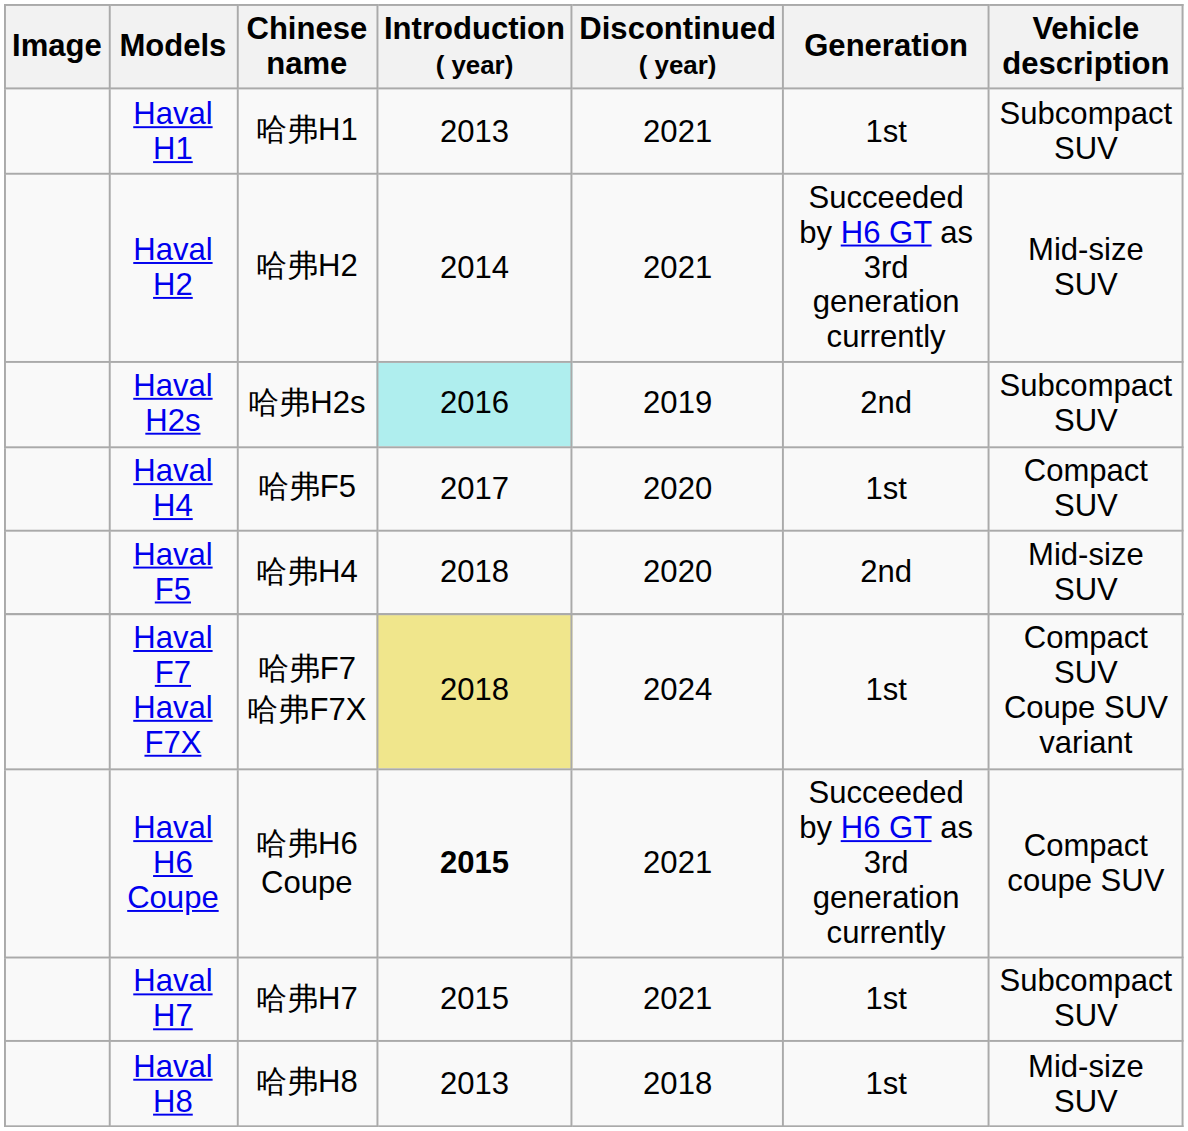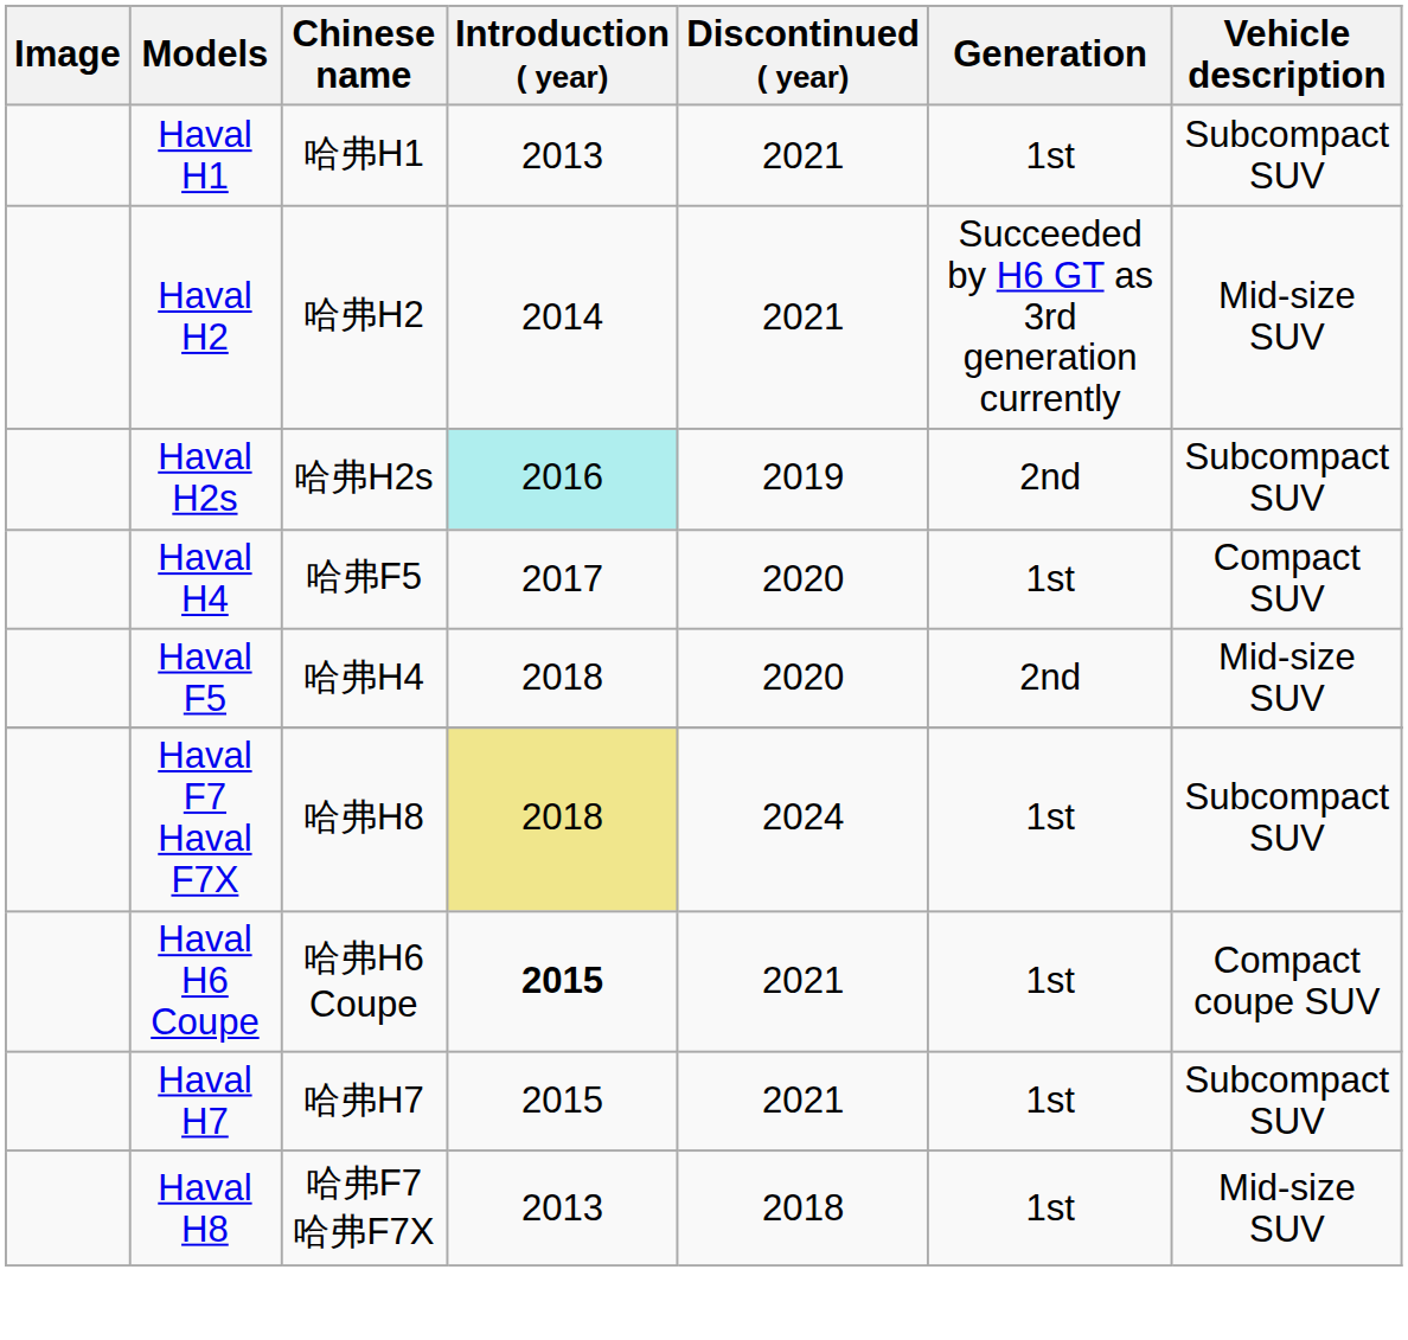 <table class="wikitable sortable" style="text-align: center;">
 <tr>
 <th class="unsortable">Image</th>
 <th>Models</th>
 <th>Chinese name</th>
 <th>Introduction<br><small>( year)</small></th>
 <th width="9%">Discontinued<br><small>( year)</small></th>
 <th>Generation</th>
 <th>Vehicle description</th>
 </tr>
 <tr>
 <td></td>
 <td><a href='#'>Haval H1</a></td>
 <td>哈弗H1</td>
 <td>2013</td>
 <td>2021</td>
 <td>1st</td>
 <td>Subcompact SUV</td>
 </tr>
 <tr>
 <td></td>
 <td><a href='#'>Haval H2</a></td>
 <td>哈弗H2</td>
 <td>2014</td>
 <td>2021</td>
 <td>Succeeded by <a href='#'>H6 GT</a> as 3rd generation currently</td>
 <td>Mid-size SUV</td>
 </tr>
 <tr>
 <td></td>
 <td><a href='#'>Haval H2s</a></td>
 <td>哈弗H2s</td>
 <td style="background: paleturquoise;">2016</td>
 <td>2019</td>
 <td>2nd</td>
 <td>Subcompact SUV</td>
 </tr>
 <tr>
 <td></td>
 <td><a href='#'>Haval H4</a></td>
 <td>哈弗F5</td>
 <td>2017</td>
 <td>2020</td>
 <td>1st</td>
 <td>Compact SUV</td>
 </tr>
 <tr>
 <td></td>
 <td><a href='#'>Haval F5</a></td>
 <td>哈弗H4</td>
 <td>2018</td>
 <td>2020</td>
 <td>2nd</td>
 <td>Mid-size SUV</td>
 </tr>
 <tr>
 </tr>
 <tr>
 <td><br></td>
 <td><a href='#'>Haval F7</a><br><a href='#'>Haval F7X</a></td>
-<td>哈弗F7<br>哈弗F7X</td>
+<td>哈弗H8</td>
 <td style="background: khaki;">2018</td>
 <td>2024</td>
 <td>1st</td>
-<td>Compact SUV<br>Coupe SUV variant</td>
+<td>Subcompact SUV</td>
 </tr>
 <tr>
 <td></td>
 <td><a href='#'>Haval H6 Coupe</a></td>
 <td>哈弗H6 Coupe</td>
 <td><strong>2015</strong></td>
 <td>2021</td>
-<td>Succeeded by <a href='#'>H6 GT</a> as 3rd generation currently</td>
+<td>1st</td>
 <td>Compact coupe SUV</td>
 </tr>
 <tr>
 <td></td>
 <td><a href='#'>Haval H7</a></td>
 <td>哈弗H7</td>
 <td>2015</td>
 <td>2021</td>
 <td>1st</td>
 <td>Subcompact SUV</td>
 </tr>
 <tr>
 <td></td>
 <td><a href='#'>Haval H8</a></td>
-<td>哈弗H8</td>
+<td>哈弗F7<br>哈弗F7X</td>
 <td>2013</td>
 <td>2018</td>
 <td>1st</td>
 <td>Mid-size SUV</td>
 </tr>
 </table>
